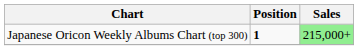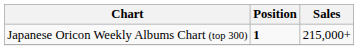 <table class="wikitable">
 <tr>
 <th>Chart</th>
 <th>Position</th>
 <th>Sales</th>
 </tr>
 <tr>
 <td>Japanese Oricon Weekly Albums Chart <small>(top 300)</small></td>
 <td><strong>1</strong></td>
-<td style="background: lightgreen;">215,000+</td>
+<td>215,000+</td>
 </tr>
 <tr>
 </tr>
 </table>
